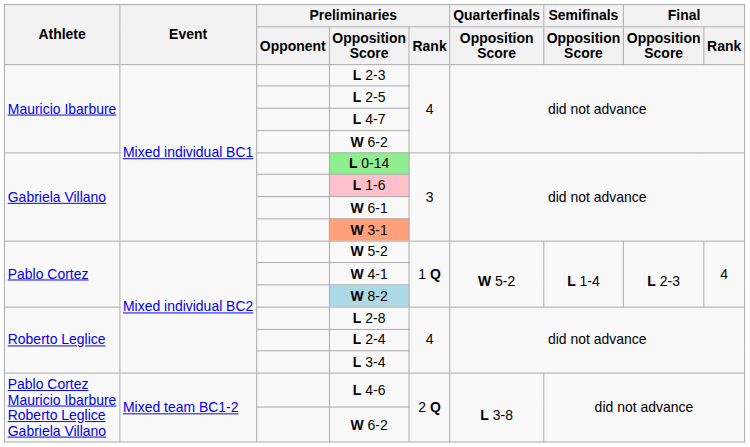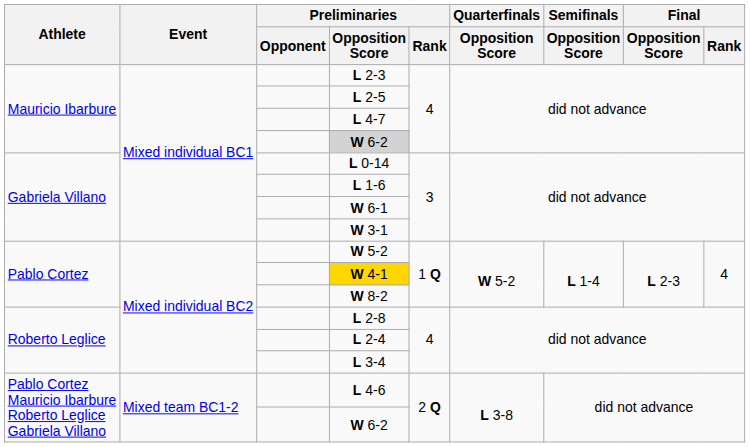 <table class=wikitable style="font-size:90%">
 <tr>
 <th rowspan="2">Athlete</th>
 <th rowspan="2">Event</th>
 <th colspan="3">Preliminaries</th>
 <th>Quarterfinals</th>
 <th>Semifinals</th>
 <th colspan="2">Final</th>
 </tr>
 <tr>
 <th>Opponent</th>
 <th>Opposition<br>Score</th>
 <th>Rank</th>
 <th>Opposition<br>Score</th>
 <th>Opposition<br>Score</th>
 <th>Opposition<br>Score</th>
 <th>Rank</th>
 </tr>
 <tr>
 <td rowspan="4"><a href='#'>Mauricio Ibarbure</a></td>
 <td rowspan="8"><a href='#'>Mixed individual BC1</a></td>
 <td align="left"></td>
 <td align="center"><strong>L</strong> 2-3</td>
 <td align="center" rowspan="4">4</td>
 <td align="center" rowspan="4" colspan="4">did not advance</td>
 </tr>
 <tr>
 <td align="left"></td>
 <td align="center"><strong>L</strong> 2-5</td>
 </tr>
 <tr>
 <td align="left"></td>
 <td align="center"><strong>L</strong> 4-7</td>
 </tr>
 <tr>
 <td align="left"></td>
-<td align="center"><strong>W</strong> 6-2</td>
+<td align="center" style="background: lightgrey;"><strong>W</strong> 6-2</td>
 </tr>
 <tr>
 <td rowspan="4"><a href='#'>Gabriela Villano</a></td>
 <td align="left"></td>
-<td align="center" style="background: lightgreen;"><strong>L</strong> 0-14</td>
+<td align="center"><strong>L</strong> 0-14</td>
 <td align="center" rowspan="4">3</td>
 <td align="center" rowspan="4" colspan="4">did not advance</td>
 </tr>
 <tr>
 <td align="left"></td>
-<td align="center" style="background: pink;"><strong>L</strong> 1-6</td>
+<td align="center"><strong>L</strong> 1-6</td>
 </tr>
 <tr>
 <td align="left"></td>
 <td align="center"><strong>W</strong> 6-1</td>
 </tr>
 <tr>
 <td align="left"></td>
-<td align="center" style="background: lightsalmon;"><strong>W</strong> 3-1</td>
+<td align="center"><strong>W</strong> 3-1</td>
 </tr>
 <tr>
 <td rowspan="3"><a href='#'>Pablo Cortez</a></td>
 <td rowspan="6"><a href='#'>Mixed individual BC2</a></td>
 <td align="left"></td>
 <td align="center"><strong>W</strong> 5-2</td>
 <td align="center" rowspan="3">1 <strong>Q</strong></td>
 <td align="center" rowspan="3"><br><strong>W</strong> 5-2</td>
 <td align="center" rowspan="3"><br><strong>L</strong> 1-4</td>
 <td align="center" rowspan="3"><br><strong>L</strong> 2-3</td>
 <td align="center" rowspan="3">4</td>
 </tr>
 <tr>
 <td align="left"></td>
-<td align="center"><strong>W</strong> 4-1</td>
+<td align="center" style="background: gold;"><strong>W</strong> 4-1</td>
 </tr>
 <tr>
 <td align="left"></td>
-<td align="center" style="background: lightblue;"><strong>W</strong> 8-2</td>
+<td align="center"><strong>W</strong> 8-2</td>
 </tr>
 <tr>
 <td rowspan="3"><a href='#'>Roberto Leglice</a></td>
 <td align="left"></td>
 <td align="center"><strong>L</strong> 2-8</td>
 <td align="center" rowspan="3">4</td>
 <td align="center" rowspan="3" colspan="4">did not advance</td>
 </tr>
 <tr>
 <td align="left"></td>
 <td align="center"><strong>L</strong> 2-4</td>
 </tr>
 <tr>
 <td align="left"></td>
 <td align="center"><strong>L</strong> 3-4</td>
 </tr>
 <tr>
 <td rowspan="2"><a href='#'>Pablo Cortez</a><br> <a href='#'>Mauricio Ibarbure</a><br> <a href='#'>Roberto Leglice</a><br> <a href='#'>Gabriela Villano</a></td>
 <td rowspan="2"><a href='#'>Mixed team BC1-2</a></td>
 <td align="left"></td>
 <td align="center"><strong>L</strong> 4-6</td>
 <td align="center" rowspan="2">2 <strong>Q</strong></td>
 <td align="center" rowspan="2"><br><strong>L</strong> 3-8</td>
 <td align="center" rowspan="2" colspan="3">did not advance</td>
 </tr>
 <tr>
 <td align="left"></td>
 <td align="center"><strong>W</strong> 6-2</td>
 </tr>
 </table>
